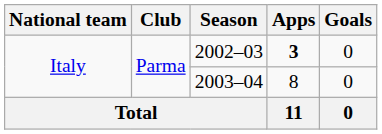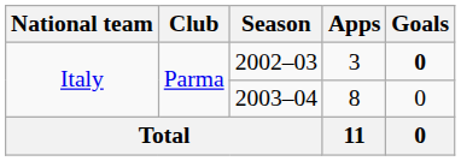 <table class="wikitable" style="text-align:center">
 <tr>
 <th>National team</th>
 <th>Club</th>
 <th>Season</th>
 <th>Apps</th>
 <th>Goals</th>
 </tr>
 <tr>
 <td rowspan=2><a href='#'>Italy</a></td>
 <td rowspan=2><a href='#'>Parma</a></td>
 <td>2002–03</td>
-<td><strong>3</strong></td>
-<td>0</td>
+<td>3</td>
+<td><strong>0</strong></td>
 </tr>
 <tr>
 <td>2003–04</td>
 <td>8</td>
 <td>0</td>
 </tr>
 <tr>
 <th colspan="3">Total</th>
 <th>11</th>
 <th>0</th>
 </tr>
 </table>
